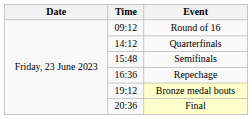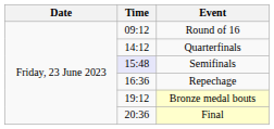 <table class = "wikitable" style="text-align:center;">
 <tr>
 <th width=160>Date</th>
 <th width=50>Time</th>
 <th width=160>Event</th>
 </tr>
 <tr>
 <td rowspan=6>Friday, 23 June 2023</td>
 <td>09:12</td>
 <td>Round of 16</td>
 </tr>
 <tr>
 <td>14:12</td>
 <td>Quarterfinals</td>
 </tr>
 <tr>
-<td>15:48</td>
+<td style="background: lavender;">15:48</td>
 <td>Semifinals</td>
 </tr>
 <tr>
 <td>16:36</td>
 <td>Repechage</td>
 </tr>
 <tr>
 <td>19:12</td>
 <td bgcolor=ffffcc>Bronze medal bouts</td>
 </tr>
 <tr>
 <td>20:36</td>
 <td bgcolor=ffffcc>Final</td>
 </tr>
 </table>
